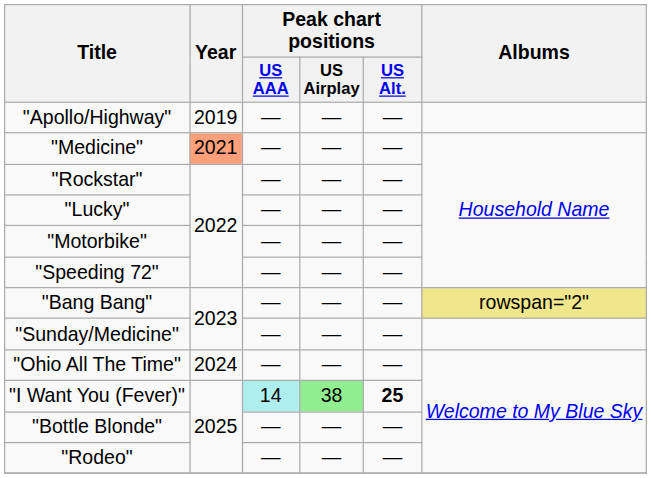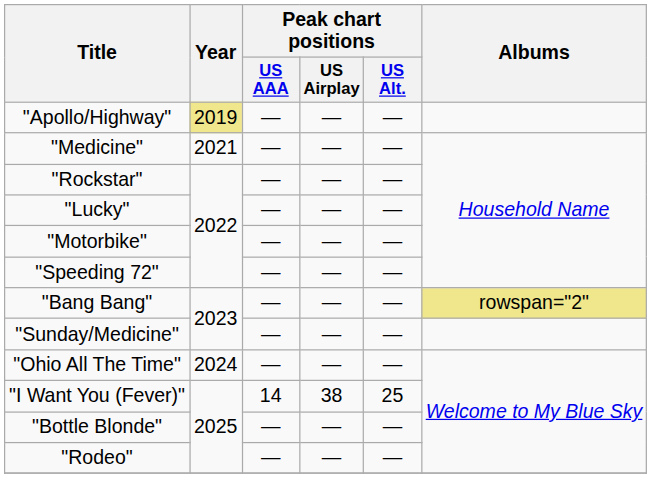 <table class="wikitable plainrowheaders" style="text-align:center;" border="1">
 <tr>
 <th scope="col" rowspan="2">Title</th>
 <th scope="col" rowspan="2">Year</th>
 <th scope="col" colspan="3">Peak chart positions</th>
 <th scope="col" rowspan="2">Albums</th>
 </tr>
 <tr>
 <th scope="col" style="width:3em;font-size:85%;"><a href='#'>US<br>AAA</a></th>
 <th scope="col" style="width:3em;font-size:85%;">US<br>Airplay</th>
 <th scope="col" style="width:3em;font-size:85%;"><a href='#'>US Alt.</a></th>
 </tr>
 <tr>
 <td>"Apollo/Highway"</td>
-<td>2019</td>
+<td style="background: khaki;">2019</td>
 <td>—</td>
 <td>—</td>
 <td>—</td>
 <td></td>
 </tr>
 <tr>
 <td>"Medicine"</td>
-<td style="background: lightsalmon;">2021</td>
+<td>2021</td>
 <td>—</td>
 <td>—</td>
 <td>—</td>
 <td rowspan="5"><em><a href='#'>Household Name</a></em></td>
 </tr>
 <tr>
 <td>"Rockstar"</td>
 <td rowspan="4">2022</td>
 <td>—</td>
 <td>—</td>
 <td>—</td>
 </tr>
 <tr>
 <td>"Lucky"</td>
 <td>—</td>
 <td>—</td>
 <td>—</td>
 </tr>
 <tr>
 <td>"Motorbike"</td>
 <td>—</td>
 <td>—</td>
 <td>—</td>
 </tr>
 <tr>
 <td>"Speeding 72"</td>
 <td>—</td>
 <td>—</td>
 <td>—</td>
 </tr>
 <tr>
 <td>"Bang Bang"</td>
 <td rowspan="2">2023</td>
 <td>—</td>
 <td>—</td>
 <td>—</td>
 <td style="background: khaki;">rowspan="2" </td>
 </tr>
 <tr>
 <td>"Sunday/Medicine"</td>
 <td>—</td>
 <td>—</td>
 <td>—</td>
 </tr>
 <tr>
 <td>"Ohio All The Time"</td>
 <td>2024</td>
 <td>—</td>
 <td>—</td>
 <td>—</td>
 <td rowspan="4"><em><a href='#'>Welcome to My Blue Sky</a></em></td>
 </tr>
 <tr>
 <td>"I Want You (Fever)"</td>
 <td rowspan="3">2025</td>
-<td style="background: paleturquoise;">14</td>
-<td style="background: lightgreen;">38</td>
-<td><strong>25</strong></td>
+<td>14</td>
+<td>38</td>
+<td>25</td>
 </tr>
 <tr>
 <td>"Bottle Blonde"</td>
 <td>—</td>
 <td>—</td>
 <td>—</td>
 </tr>
 <tr>
 <td>"Rodeo"</td>
 <td>—</td>
 <td>—</td>
 <td>—</td>
 </tr>
 <tr>
 </tr>
 </table>
